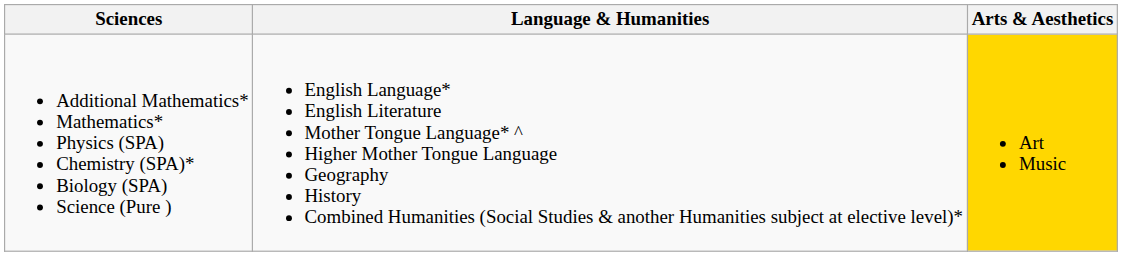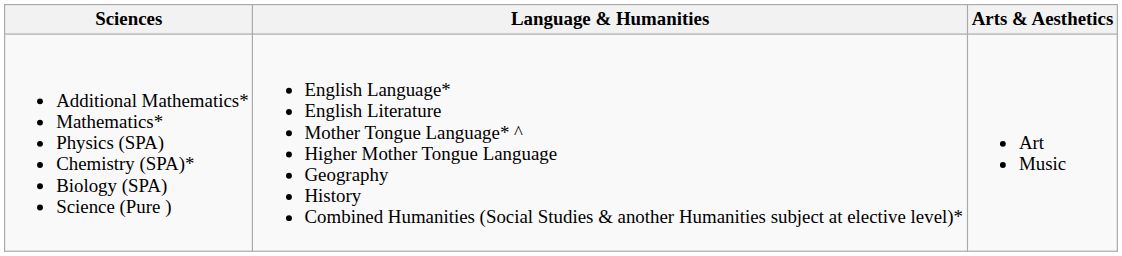 <table class="wikitable">
 <tr>
 <th>Sciences</th>
 <th><strong>Language & Humanities</strong></th>
 <th><strong>Arts & Aesthetics</strong></th>
 </tr>
 <tr>
 <td><br><ul><li>Additional Mathematics*</li><li>Mathematics*</li><li>Physics (SPA)</li><li>Chemistry (SPA)*</li><li>Biology (SPA)</li><li>Science (Pure )</li></ul></td>
 <td><br><ul><li>English Language*</li><li>English Literature</li><li>Mother Tongue Language* ^</li><li>Higher Mother Tongue Language</li><li>Geography</li><li>History</li><li>Combined Humanities (Social Studies & another Humanities subject at elective level)*</li></ul></td>
-<td style="background: gold;"><br><ul><li>Art</li><li>Music</li></ul></td>
+<td><br><ul><li>Art</li><li>Music</li></ul></td>
 </tr>
 </table>
